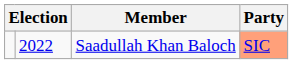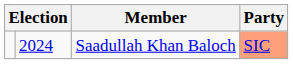 <table class="wikitable">
 <tr>
 <th colspan="2">Election</th>
 <th>Member</th>
 <th>Party</th>
 </tr>
 <tr>
 <td style="background-color: "></td>
-<td><a href='#'>2022</a></td>
+<td><a href='#'>2024</a></td>
 <td><a href='#'>Saadullah Khan Baloch</a></td>
 <td style="background: lightsalmon;"><a href='#'>SIC</a></td>
 </tr>
 </table>
